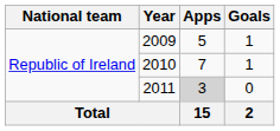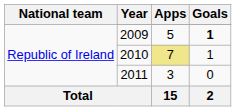 <table class=wikitable style="text-align: center">
 <tr>
 <th>National team</th>
 <th>Year</th>
 <th>Apps</th>
 <th>Goals</th>
 </tr>
 <tr>
 <td rowspan=4><a href='#'>Republic of Ireland</a></td>
 </tr>
 <tr>
 <td>2009</td>
 <td>5</td>
-<td>1</td>
+<td><strong>1</strong></td>
 </tr>
 <tr>
 <td>2010</td>
-<td>7</td>
+<td style="background: khaki;">7</td>
 <td>1</td>
 </tr>
 <tr>
 <td>2011</td>
-<td style="background: lightgrey;">3</td>
+<td>3</td>
 <td>0</td>
 </tr>
 <tr>
 <th colspan=2>Total</th>
 <th>15</th>
 <th>2</th>
 </tr>
 </table>
